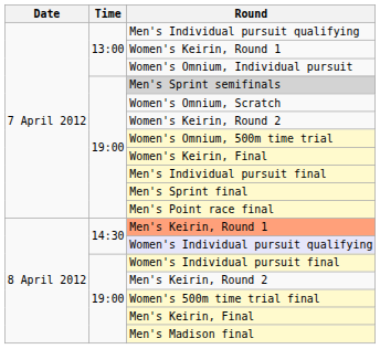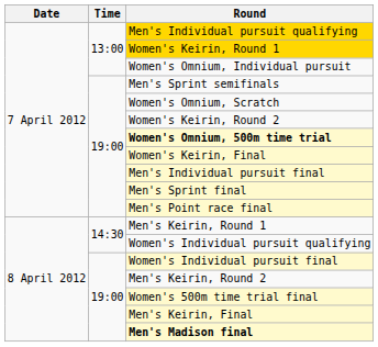 <table class="wikitable">
 <tr>
 <th>Date</th>
 <th>Time</th>
 <th>Round</th>
 </tr>
 <tr>
 <td rowspan=11>7 April 2012</td>
 <td rowspan=3>13:00</td>
-<td>Men's Individual pursuit qualifying</td>
+<td style="background: gold;">Men's Individual pursuit qualifying</td>
 </tr>
 <tr>
-<td>Women's Keirin, Round 1</td>
+<td style="background: gold;">Women's Keirin, Round 1</td>
 </tr>
 <tr>
 <td>Women's Omnium, Individual pursuit</td>
 </tr>
 <tr>
 <td rowspan=8>19:00</td>
-<td style="background: lightgrey;">Men's Sprint semifinals</td>
+<td>Men's Sprint semifinals</td>
 </tr>
 <tr>
 <td>Women's Omnium, Scratch</td>
 </tr>
 <tr>
 <td>Women's Keirin, Round 2</td>
 </tr>
 <tr>
-<td style="background:lemonchiffon">Women's Omnium, 500m time trial</td>
+<td style="background:lemonchiffon"><strong>Women's Omnium, 500m time trial</strong></td>
 </tr>
 <tr>
 <td style="background:lemonchiffon">Women's Keirin, Final</td>
 </tr>
 <tr>
 <td style="background:lemonchiffon">Men's Individual pursuit final</td>
 </tr>
 <tr>
 <td style="background:lemonchiffon">Men's Sprint final</td>
 </tr>
 <tr>
 <td style="background:lemonchiffon">Men's Point race final</td>
 </tr>
 <tr>
 <td rowspan=7>8 April 2012</td>
 <td rowspan=2>14:30</td>
-<td style="background: lightsalmon;">Men's Keirin, Round 1</td>
+<td>Men's Keirin, Round 1</td>
 </tr>
 <tr>
-<td style="background: lavender;">Women's Individual pursuit qualifying</td>
+<td>Women's Individual pursuit qualifying</td>
 </tr>
 <tr>
 <td rowspan=5>19:00</td>
 <td style="background:lemonchiffon">Women's Individual pursuit final</td>
 </tr>
 <tr>
 <td>Men's Keirin, Round 2</td>
 </tr>
 <tr>
 <td style="background:lemonchiffon">Women's 500m time trial final</td>
 </tr>
 <tr>
 <td style="background:lemonchiffon">Men's Keirin, Final</td>
 </tr>
 <tr>
-<td style="background:lemonchiffon">Men's Madison final</td>
+<td style="background:lemonchiffon"><strong>Men's Madison final</strong></td>
 </tr>
 </table>
